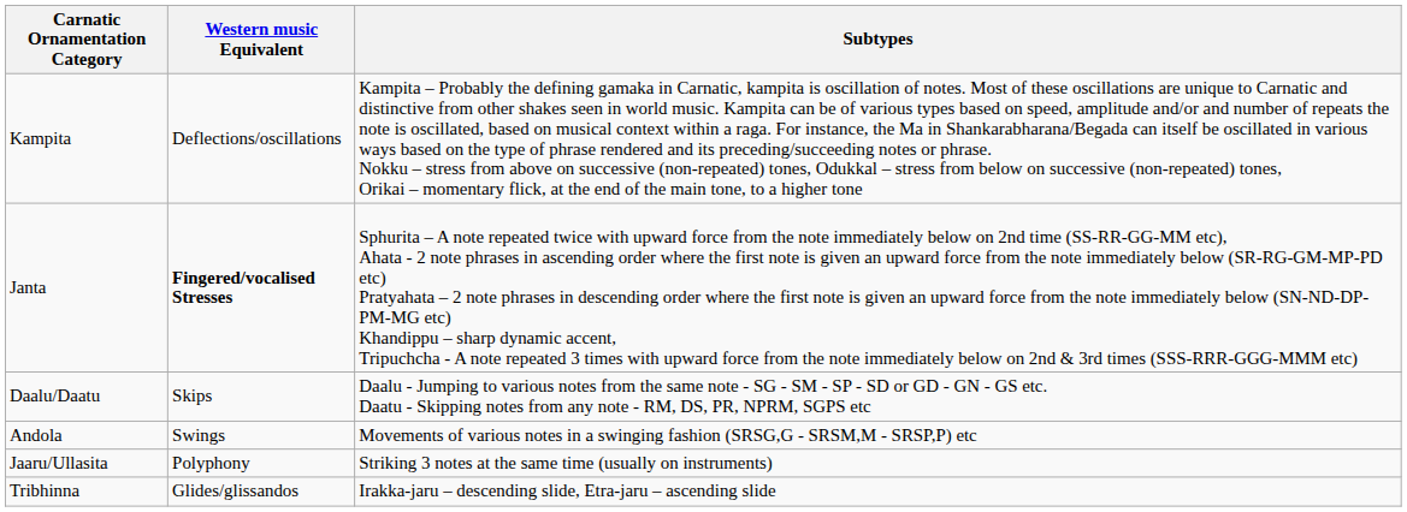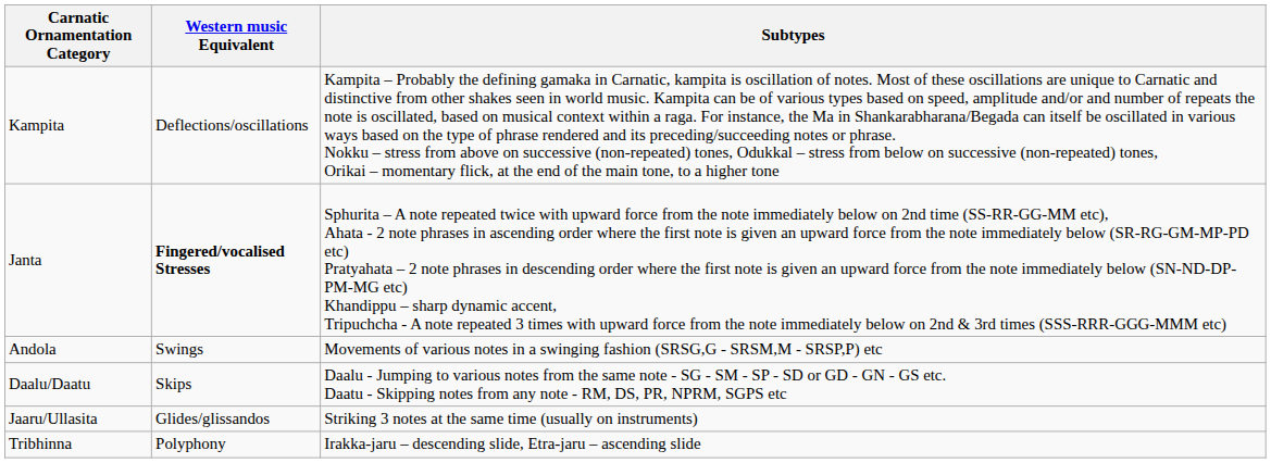 <table class="wikitable sortable">
 <tr>
 <th>Carnatic Ornamentation Category</th>
 <th><a href='#'>Western music</a> Equivalent</th>
 <th>Subtypes</th>
 </tr>
 <tr>
 <td>Kampita</td>
 <td>Deflections/oscillations</td>
 <td>Kampita – Probably the defining gamaka in Carnatic, kampita is oscillation of notes.  Most of these oscillations are unique to Carnatic and distinctive from other shakes seen in world music. Kampita can be of various types based on speed, amplitude and/or and number of repeats the note is oscillated, based on musical context within a raga. For instance, the Ma in Shankarabharana/Begada can itself be oscillated in various ways based on the type of phrase rendered and its preceding/succeeding notes or phrase.<br>Nokku – stress from above on successive (non-repeated) tones, Odukkal – stress from below on successive (non-repeated) tones,<br>Orikai – momentary flick, at the end of the main tone, to a higher tone</td>
 </tr>
 <tr>
 <td>Janta</td>
 <td><strong>Fingered/vocalised Stresses</strong></td>
 <td><br>Sphurita – A note repeated twice with upward force from the note immediately below on 2nd time (SS-RR-GG-MM etc),<br>Ahata - 2 note phrases in ascending order where the first note is given an upward force from the note immediately below (SR-RG-GM-MP-PD etc)<br>Pratyahata – 2 note phrases in descending order where the first note is given an upward force from the note immediately below (SN-ND-DP-PM-MG etc)<br>Khandippu – sharp dynamic accent,<br>Tripuchcha - A note repeated 3 times with upward force from the note immediately below on 2nd & 3rd times (SSS-RRR-GGG-MMM etc)</td>
 </tr>
 <tr>
+<td>Andola</td>
+<td>Swings</td>
+<td>Movements of various notes in a swinging fashion (SRSG,G - SRSM,M - SRSP,P) etc</td>
+</tr>
+<tr>
 <td>Daalu/Daatu</td>
 <td>Skips</td>
 <td>Daalu - Jumping to various notes from the same note - SG - SM - SP - SD or GD - GN - GS etc.<br>Daatu - Skipping notes from any note - RM, DS, PR, NPRM, SGPS etc</td>
 </tr>
 <tr>
-<td>Andola</td>
-<td>Swings</td>
-<td>Movements of various notes in a swinging fashion (SRSG,G - SRSM,M - SRSP,P) etc</td>
-</tr>
-<tr>
 <td>Jaaru/Ullasita</td>
-<td>Polyphony</td>
+<td>Glides/glissandos</td>
 <td>Striking 3 notes at the same time (usually on instruments)</td>
 </tr>
 <tr>
 <td>Tribhinna</td>
-<td>Glides/glissandos</td>
+<td>Polyphony</td>
 <td>Irakka-jaru – descending slide, Etra-jaru – ascending slide</td>
 </tr>
 </table>
